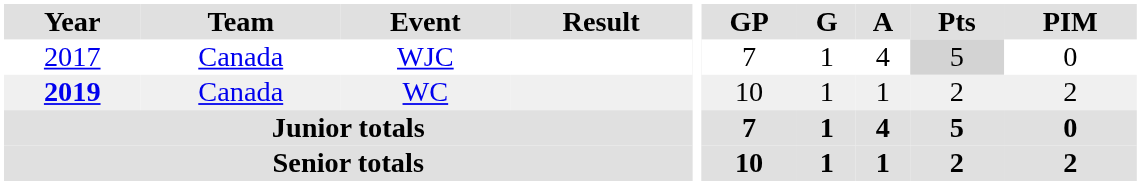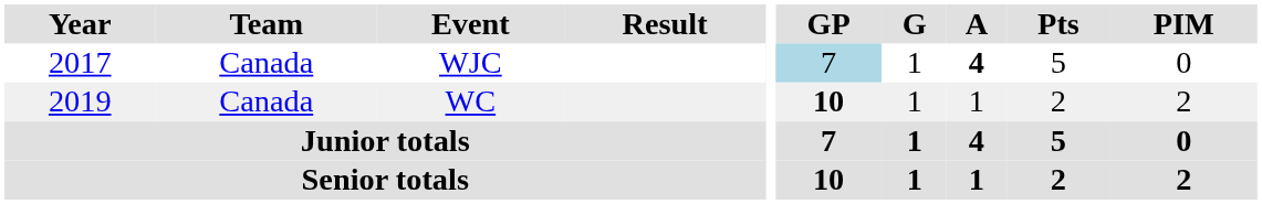 <table border="0" cellpadding="1" cellspacing="0" ID="Table3" style="text-align:center; width:40em;">
 <tr bgcolor="#e0e0e0">
 <th>Year</th>
 <th>Team</th>
 <th>Event</th>
 <th>Result</th>
 <th rowspan="99" bgcolor="#fff"></th>
 <th>GP</th>
 <th>G</th>
 <th>A</th>
 <th>Pts</th>
 <th>PIM</th>
 </tr>
 <tr>
 <td><a href='#'>2017</a></td>
 <td><a href='#'>Canada</a></td>
 <td><a href='#'>WJC</a></td>
 <td></td>
-<td>7</td>
+<td style="background: lightblue;">7</td>
 <td>1</td>
-<td>4</td>
-<td style="background: lightgrey;">5</td>
+<td><strong>4</strong></td>
+<td>5</td>
 <td>0</td>
 </tr>
 <tr bgcolor="#f0f0f0">
-<td><strong><a href='#'>2019</a></strong></td>
+<td><a href='#'>2019</a></td>
 <td><a href='#'>Canada</a></td>
 <td><a href='#'>WC</a></td>
 <td></td>
-<td>10</td>
+<td><strong>10</strong></td>
 <td>1</td>
 <td>1</td>
 <td>2</td>
 <td>2</td>
 </tr>
 <tr bgcolor="#e0e0e0">
 <th colspan="4">Junior totals</th>
 <th>7</th>
 <th>1</th>
 <th>4</th>
 <th>5</th>
 <th>0</th>
 </tr>
 <tr bgcolor="#e0e0e0">
 <th colspan="4">Senior totals</th>
 <th>10</th>
 <th>1</th>
 <th>1</th>
 <th>2</th>
 <th>2</th>
 </tr>
 </table>
